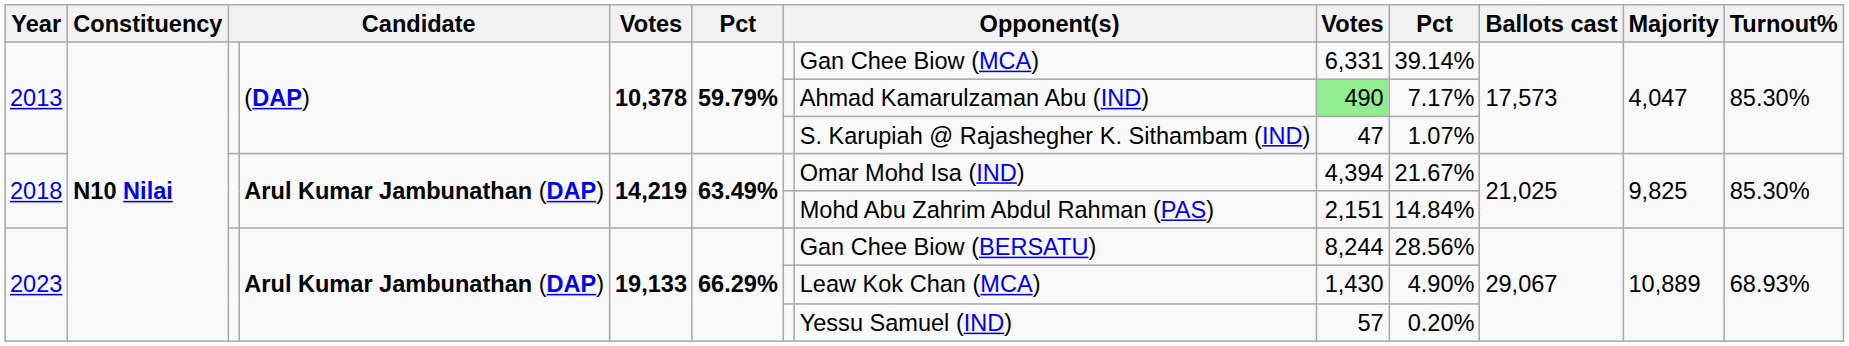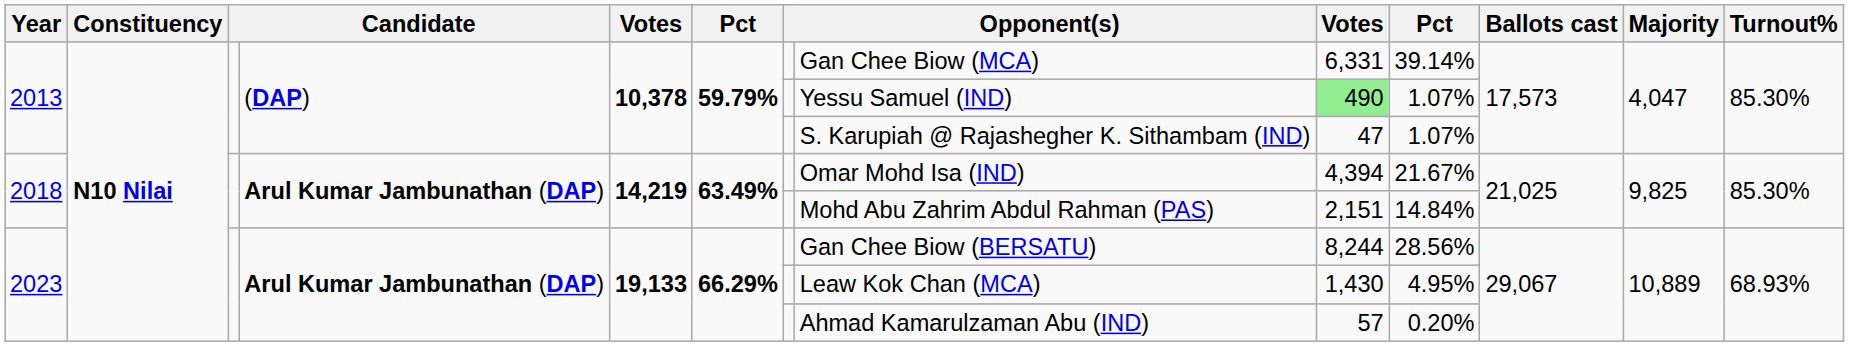 <table class="wikitable" style="margin:0.5em ; font-size:95%">
 <tr>
 <th>Year</th>
 <th>Constituency</th>
 <th colspan=2>Candidate</th>
 <th>Votes</th>
 <th>Pct</th>
 <th colspan=2>Opponent(s)</th>
 <th>Votes</th>
 <th>Pct</th>
 <th>Ballots cast</th>
 <th>Majority</th>
 <th>Turnout%</th>
 </tr>
 <tr>
 <td rowspan=3><a href='#'>2013</a></td>
 <td rowspan=8><strong>N10 <a href='#'>Nilai</a></strong></td>
 <td rowspan=3 ></td>
 <td rowspan=3> (<a href='#'><strong>DAP</strong></a>)</td>
 <td rowspan=3 align="right"><strong>10,378</strong></td>
 <td rowspan=3><strong>59.79%</strong></td>
 <td></td>
 <td>Gan Chee Biow (<a href='#'>MCA</a>)</td>
 <td align="right">6,331</td>
 <td>39.14%</td>
 <td rowspan=3>17,573</td>
 <td rowspan=3>4,047</td>
 <td rowspan=3>85.30%</td>
 </tr>
 <tr>
 <td></td>
-<td>Ahmad Kamarulzaman Abu (<a href='#'>IND</a>)</td>
+<td>Yessu Samuel (<a href='#'>IND</a>)</td>
 <td align="right" style="background: lightgreen;">490</td>
-<td align="right">7.17%</td>
+<td align="right">1.07%</td>
 </tr>
 <tr>
 <td></td>
 <td>S. Karupiah @ Rajashegher K. Sithambam (<a href='#'>IND</a>)</td>
 <td align="right">47</td>
 <td align="right">1.07%</td>
 </tr>
 <tr>
 <td rowspan=2><a href='#'>2018</a></td>
 <td rowspan=2 ></td>
 <td rowspan=2><strong>Arul Kumar Jambunathan</strong> (<a href='#'><strong>DAP</strong></a>)</td>
 <td rowspan=2 align="right"><strong>14,219</strong></td>
 <td rowspan=2><strong>63.49%</strong></td>
 <td></td>
 <td>Omar Mohd Isa (<a href='#'>IND</a>)</td>
 <td align="right">4,394</td>
 <td>21.67%</td>
 <td rowspan=2>21,025</td>
 <td rowspan=2>9,825</td>
 <td rowspan=2>85.30%</td>
 </tr>
 <tr>
 <td></td>
 <td>Mohd Abu Zahrim Abdul Rahman (<a href='#'>PAS</a>)</td>
 <td align="right">2,151</td>
 <td>14.84%</td>
 </tr>
 <tr>
 <td rowspan=3><a href='#'>2023</a></td>
 <td rowspan=3 ></td>
 <td rowspan=3><strong>Arul Kumar Jambunathan</strong> (<a href='#'><strong>DAP</strong></a>)</td>
 <td rowspan=3 align=right><strong>19,133</strong></td>
 <td rowspan=3><strong>66.29%</strong></td>
 <td bgcolor=></td>
 <td>Gan Chee Biow (<a href='#'>BERSATU</a>)</td>
 <td align=right>8,244</td>
 <td>28.56%</td>
 <td rowspan=3>29,067</td>
 <td rowspan=3>10,889</td>
 <td rowspan=3>68.93%</td>
 </tr>
 <tr>
 <td></td>
 <td>Leaw Kok Chan (<a href='#'>MCA</a>)</td>
 <td align=right>1,430</td>
-<td align=right>4.90%</td>
+<td align=right>4.95%</td>
 </tr>
 <tr>
 <td></td>
-<td>Yessu Samuel (<a href='#'>IND</a>)</td>
+<td>Ahmad Kamarulzaman Abu (<a href='#'>IND</a>)</td>
 <td align=right>57</td>
 <td align=right>0.20%</td>
 </tr>
 </table>
